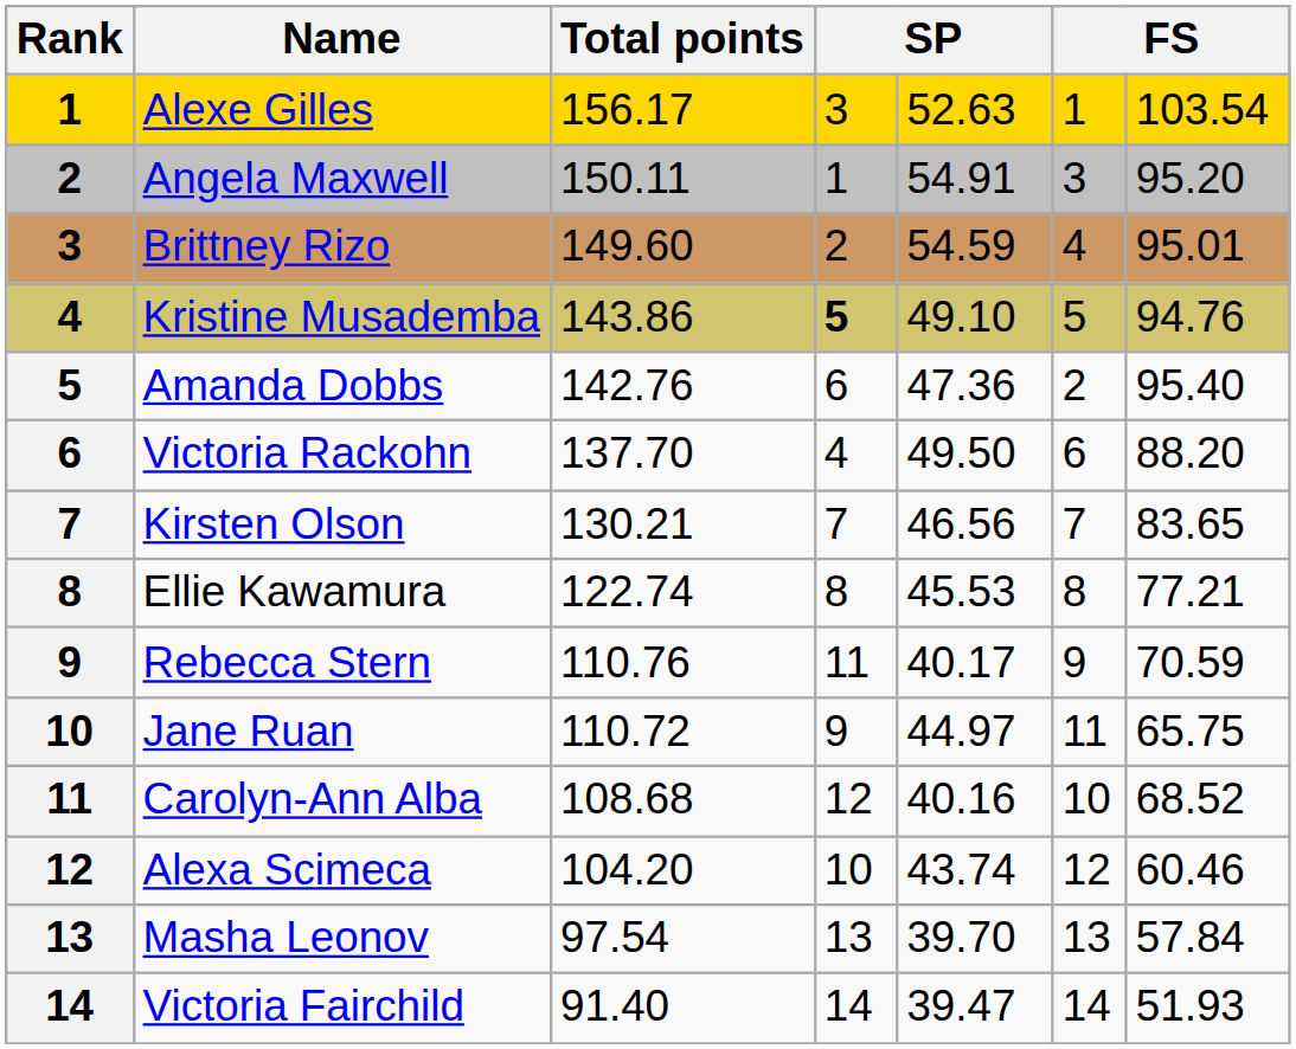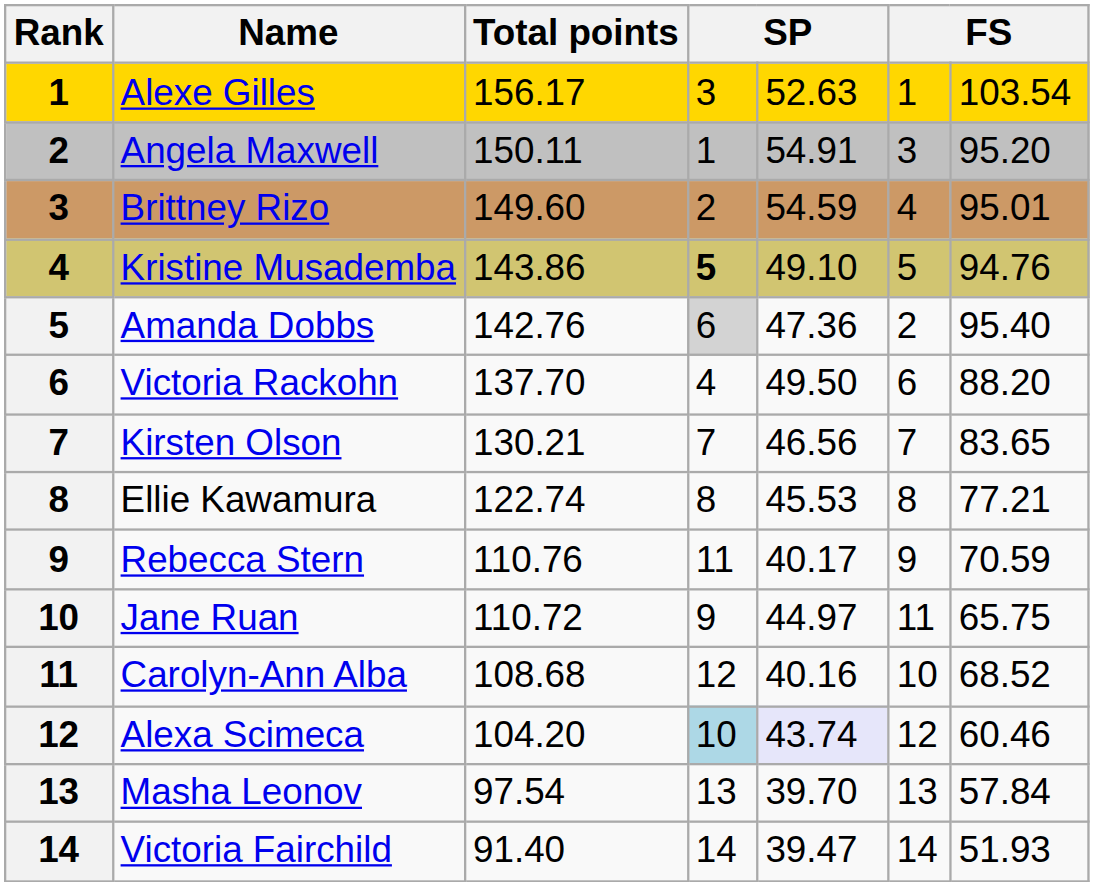 <table class="wikitable">
 <tr>
 <th>Rank</th>
 <th>Name</th>
 <th>Total points</th>
 <th colspan="2" width="80px">SP</th>
 <th colspan="2" width="80px">FS</th>
 </tr>
 <tr style="background:gold;">
 <td style="text-align:center;"><strong>1</strong></td>
 <td><a href='#'>Alexe Gilles</a></td>
 <td>156.17</td>
 <td>3</td>
 <td>52.63</td>
 <td>1</td>
 <td>103.54</td>
 </tr>
 <tr style="background:silver;">
 <td style="text-align:center;"><strong>2</strong></td>
 <td><a href='#'>Angela Maxwell</a></td>
 <td>150.11</td>
 <td>1</td>
 <td>54.91</td>
 <td>3</td>
 <td>95.20</td>
 </tr>
 <tr style="background:#c96;">
 <td style="text-align:center;"><strong>3</strong></td>
 <td><a href='#'>Brittney Rizo</a></td>
 <td>149.60</td>
 <td>2</td>
 <td>54.59</td>
 <td>4</td>
 <td>95.01</td>
 </tr>
 <tr style="background:#d1c571;">
 <td style="text-align:center;"><strong>4</strong></td>
 <td><a href='#'>Kristine Musademba</a></td>
 <td>143.86</td>
 <td><strong>5</strong></td>
 <td>49.10</td>
 <td>5</td>
 <td>94.76</td>
 </tr>
 <tr>
 <th>5</th>
 <td><a href='#'>Amanda Dobbs</a></td>
 <td>142.76</td>
-<td>6</td>
+<td style="background: lightgrey;">6</td>
 <td>47.36</td>
 <td>2</td>
 <td>95.40</td>
 </tr>
 <tr>
 <th>6</th>
 <td><a href='#'>Victoria Rackohn</a></td>
 <td>137.70</td>
 <td>4</td>
 <td>49.50</td>
 <td>6</td>
 <td>88.20</td>
 </tr>
 <tr>
 <th>7</th>
 <td><a href='#'>Kirsten Olson</a></td>
 <td>130.21</td>
 <td>7</td>
 <td>46.56</td>
 <td>7</td>
 <td>83.65</td>
 </tr>
 <tr>
 <th>8</th>
 <td>Ellie Kawamura</td>
 <td>122.74</td>
 <td>8</td>
 <td>45.53</td>
 <td>8</td>
 <td>77.21</td>
 </tr>
 <tr>
 <th>9</th>
 <td><a href='#'>Rebecca Stern</a></td>
 <td>110.76</td>
 <td>11</td>
 <td>40.17</td>
 <td>9</td>
 <td>70.59</td>
 </tr>
 <tr>
 <th>10</th>
 <td><a href='#'>Jane Ruan</a></td>
 <td>110.72</td>
 <td>9</td>
 <td>44.97</td>
 <td>11</td>
 <td>65.75</td>
 </tr>
 <tr>
 <th>11</th>
 <td><a href='#'>Carolyn-Ann Alba</a></td>
 <td>108.68</td>
 <td>12</td>
 <td>40.16</td>
 <td>10</td>
 <td>68.52</td>
 </tr>
 <tr>
 <th>12</th>
 <td><a href='#'>Alexa Scimeca</a></td>
 <td>104.20</td>
-<td>10</td>
-<td>43.74</td>
+<td style="background: lightblue;">10</td>
+<td style="background: lavender;">43.74</td>
 <td>12</td>
 <td>60.46</td>
 </tr>
 <tr>
 <th>13</th>
 <td><a href='#'>Masha Leonov</a></td>
 <td>97.54</td>
 <td>13</td>
 <td>39.70</td>
 <td>13</td>
 <td>57.84</td>
 </tr>
 <tr>
 <th>14</th>
 <td><a href='#'>Victoria Fairchild</a></td>
 <td>91.40</td>
 <td>14</td>
 <td>39.47</td>
 <td>14</td>
 <td>51.93</td>
 </tr>
 </table>
